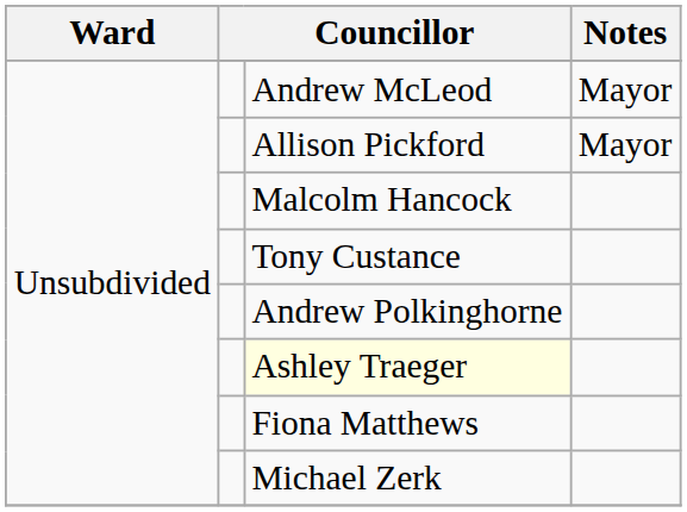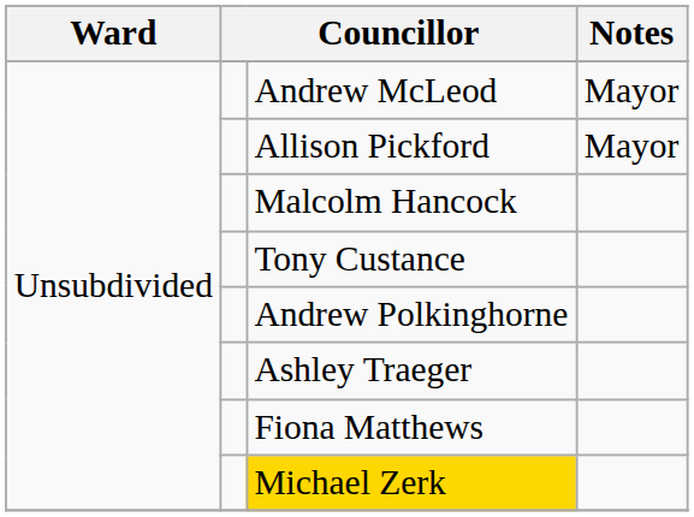 <table class="wikitable">
 <tr>
 <th>Ward</th>
 <th colspan="2">Councillor</th>
 <th>Notes</th>
 </tr>
 <tr>
 <td rowspan="9">Unsubdivided </td>
 </tr>
 <tr>
 <td> </td>
 <td>Andrew McLeod</td>
 <td>Mayor</td>
 </tr>
 <tr>
 <td> </td>
 <td>Allison Pickford</td>
 <td>Mayor</td>
 </tr>
 <tr>
 <td> </td>
 <td>Malcolm Hancock</td>
 <td></td>
 </tr>
 <tr>
 <td> </td>
 <td>Tony Custance</td>
 <td></td>
 </tr>
 <tr>
 <td> </td>
 <td>Andrew Polkinghorne</td>
 <td></td>
 </tr>
 <tr>
 <td> </td>
-<td style="background: lightyellow;">Ashley Traeger</td>
+<td>Ashley Traeger</td>
 <td></td>
 </tr>
 <tr>
 <td> </td>
 <td>Fiona Matthews</td>
 <td></td>
 </tr>
 <tr>
 <td> </td>
-<td>Michael Zerk</td>
+<td style="background: gold;">Michael Zerk</td>
 <td></td>
 </tr>
 <tr>
 </tr>
 </table>
